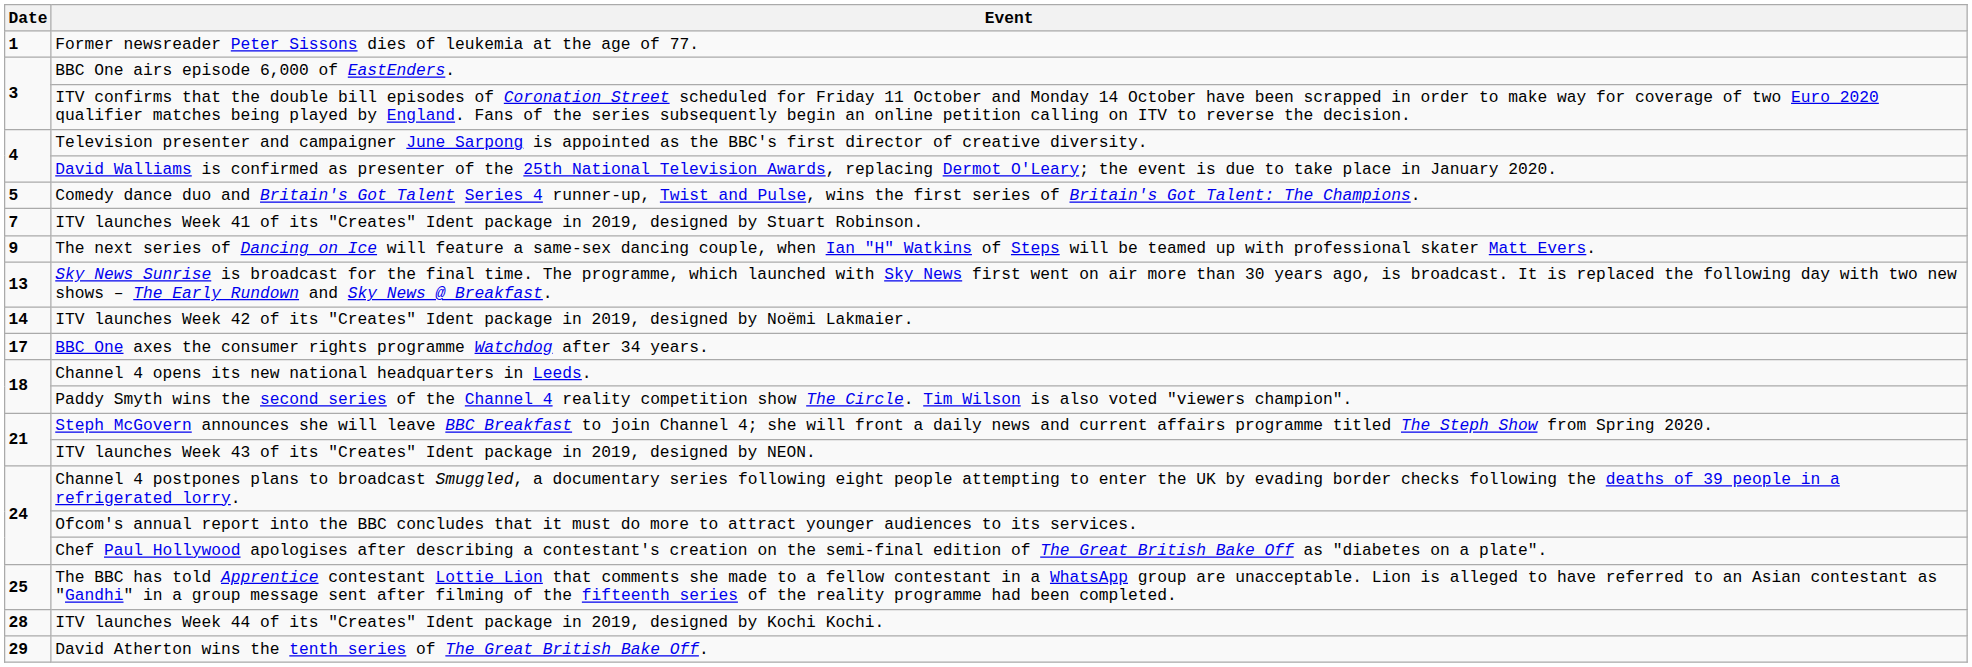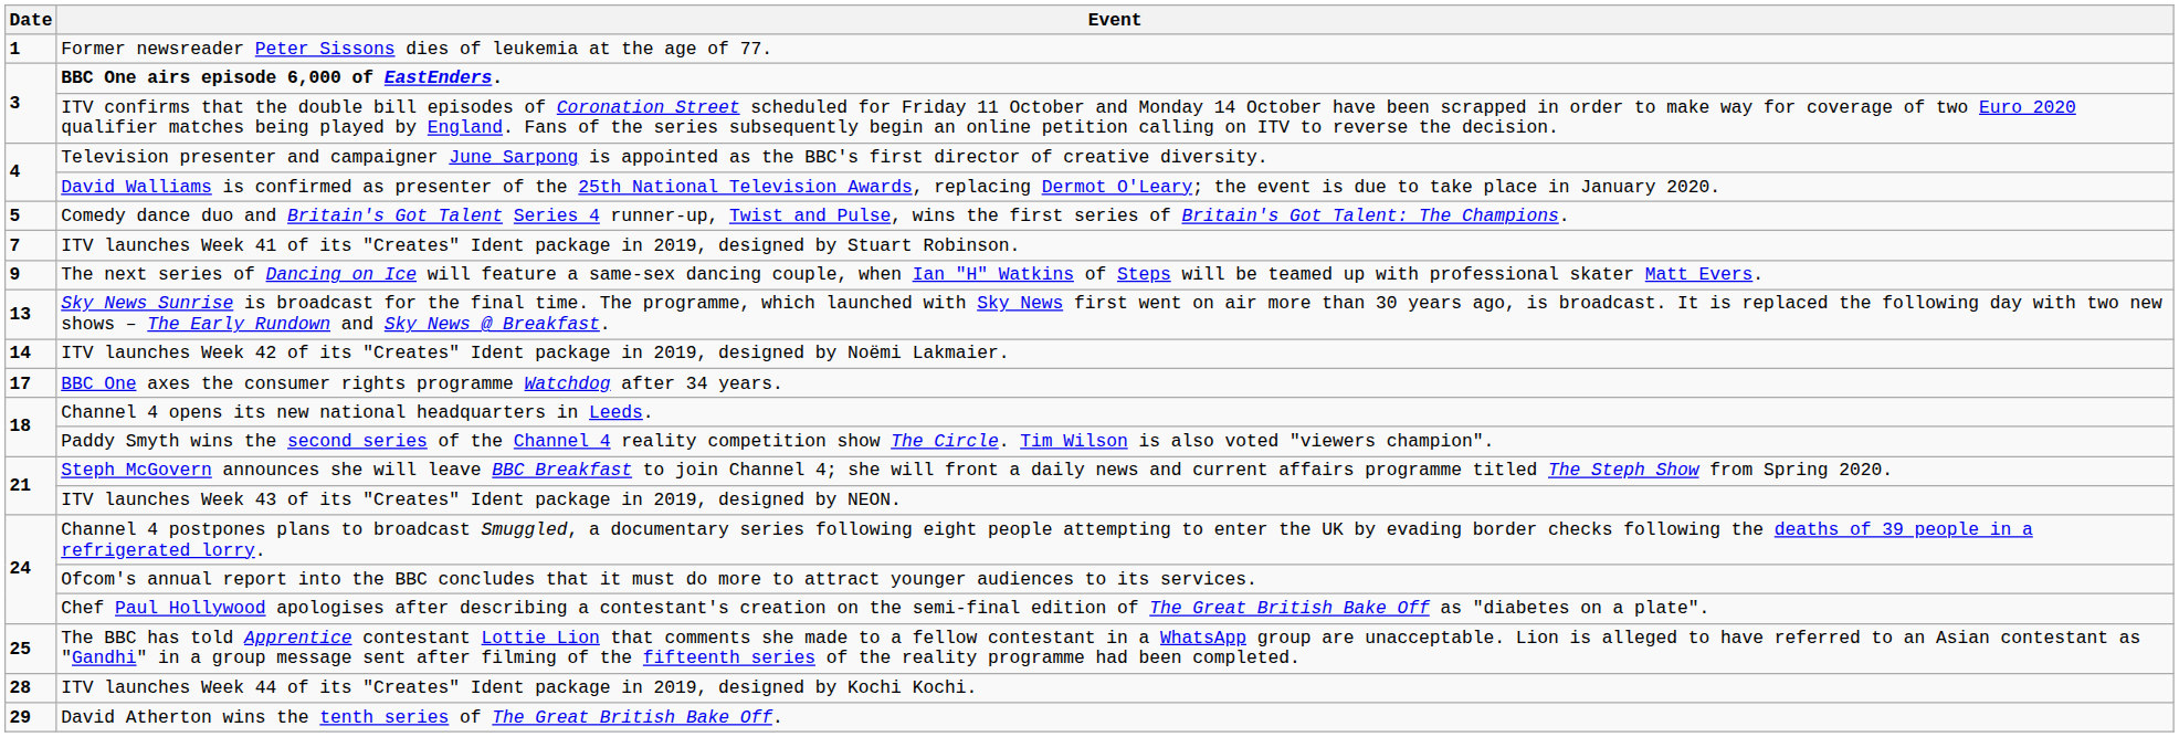 <table class="wikitable">
 <tr>
 <th>Date</th>
 <th>Event</th>
 </tr>
 <tr>
 <td><strong>1</strong></td>
 <td>Former newsreader <a href='#'>Peter Sissons</a> dies of leukemia at the age of 77.</td>
 </tr>
 <tr>
 <td rowspan=2><strong>3</strong></td>
-<td>BBC One airs episode 6,000 of <em><a href='#'>EastEnders</a></em>.</td>
+<td><strong>BBC One airs episode 6,000 of <em><a href='#'>EastEnders</a></em>.</strong></td>
 </tr>
 <tr>
 <td>ITV confirms that the double bill episodes of <em><a href='#'>Coronation Street</a></em> scheduled for Friday 11 October and Monday 14 October have been scrapped in order to make way for coverage of two <a href='#'>Euro 2020</a> qualifier matches being played by <a href='#'>England</a>. Fans of the series subsequently begin an online petition calling on ITV to reverse the decision.</td>
 </tr>
 <tr>
 <td rowspan=2><strong>4</strong></td>
 <td>Television presenter and campaigner <a href='#'>June Sarpong</a> is appointed as the BBC's first director of creative diversity.</td>
 </tr>
 <tr>
 <td><a href='#'>David Walliams</a> is confirmed as presenter of the <a href='#'>25th National Television Awards</a>, replacing <a href='#'>Dermot O'Leary</a>; the event is due to take place in January 2020.</td>
 </tr>
 <tr>
 <td><strong>5</strong></td>
 <td>Comedy dance duo and <em><a href='#'>Britain's Got Talent</a></em> <a href='#'>Series 4</a> runner-up, <a href='#'>Twist and Pulse</a>, wins the first series of <em><a href='#'>Britain's Got Talent: The Champions</a></em>.</td>
 </tr>
 <tr>
 <td><strong>7</strong></td>
 <td>ITV launches Week 41 of its "Creates" Ident package in 2019, designed by Stuart Robinson.</td>
 </tr>
 <tr>
 <td><strong>9</strong></td>
 <td>The next series of <em><a href='#'>Dancing on Ice</a></em> will feature a same-sex dancing couple, when <a href='#'>Ian "H" Watkins</a> of <a href='#'>Steps</a> will be teamed up with professional skater <a href='#'>Matt Evers</a>.</td>
 </tr>
 <tr>
 <td><strong>13</strong></td>
 <td><em><a href='#'>Sky News Sunrise</a></em> is broadcast for the final time. The programme, which launched with <a href='#'>Sky News</a> first went on air more than 30 years ago, is broadcast. It is replaced the following day with two new shows – <em><a href='#'>The Early Rundown</a></em> and <em><a href='#'>Sky News @ Breakfast</a></em>.</td>
 </tr>
 <tr>
 <td><strong>14</strong></td>
 <td>ITV launches Week 42 of its "Creates" Ident package in 2019, designed by Noëmi Lakmaier.</td>
 </tr>
 <tr>
 <td rowspan=1><strong>17</strong></td>
 <td><a href='#'>BBC One</a> axes the consumer rights programme <em><a href='#'>Watchdog</a></em> after 34 years.</td>
 </tr>
 <tr>
 <td rowspan=2><strong>18</strong></td>
 <td>Channel 4 opens its new national headquarters in <a href='#'>Leeds</a>.</td>
 </tr>
 <tr>
 <td>Paddy Smyth wins the <a href='#'>second series</a> of the <a href='#'>Channel 4</a> reality competition show <em><a href='#'>The Circle</a></em>. <a href='#'>Tim Wilson</a> is also voted "viewers champion".<br></td>
 </tr>
 <tr>
 <td rowspan=2><strong>21</strong></td>
 <td><a href='#'>Steph McGovern</a> announces she will leave <em><a href='#'>BBC Breakfast</a></em> to join Channel 4; she will front a daily news and current affairs programme titled <em><a href='#'>The Steph Show</a></em> from Spring 2020.</td>
 </tr>
 <tr>
 <td>ITV launches Week 43 of its "Creates" Ident package in 2019, designed by NEON.</td>
 </tr>
 <tr>
 <td rowspan=3><strong>24</strong></td>
 <td>Channel 4 postpones plans to broadcast <em>Smuggled</em>, a documentary series following eight people attempting to enter the UK by evading border checks following the <a href='#'>deaths of 39 people in a refrigerated lorry</a>.</td>
 </tr>
 <tr>
 <td>Ofcom's annual report into the BBC concludes that it must do more to attract younger audiences to its services.</td>
 </tr>
 <tr>
 <td>Chef <a href='#'>Paul Hollywood</a> apologises after describing a contestant's creation on the semi-final edition of <em><a href='#'>The Great British Bake Off</a></em> as "diabetes on a plate".</td>
 </tr>
 <tr>
 <td><strong>25</strong></td>
 <td>The BBC has told <em><a href='#'>Apprentice</a></em> contestant <a href='#'>Lottie Lion</a> that comments she made to a fellow contestant in a <a href='#'>WhatsApp</a> group are unacceptable. Lion is alleged to have referred to an Asian contestant as "<a href='#'>Gandhi</a>" in a group message sent after filming of the <a href='#'>fifteenth series</a> of the reality programme had been completed.</td>
 </tr>
 <tr>
 <td><strong>28</strong></td>
 <td>ITV launches Week 44 of its "Creates" Ident package in 2019, designed by Kochi Kochi.</td>
 </tr>
 <tr>
 <td><strong>29</strong></td>
 <td>David Atherton wins the <a href='#'>tenth series</a> of <em><a href='#'>The Great British Bake Off</a></em>.</td>
 </tr>
 </table>
